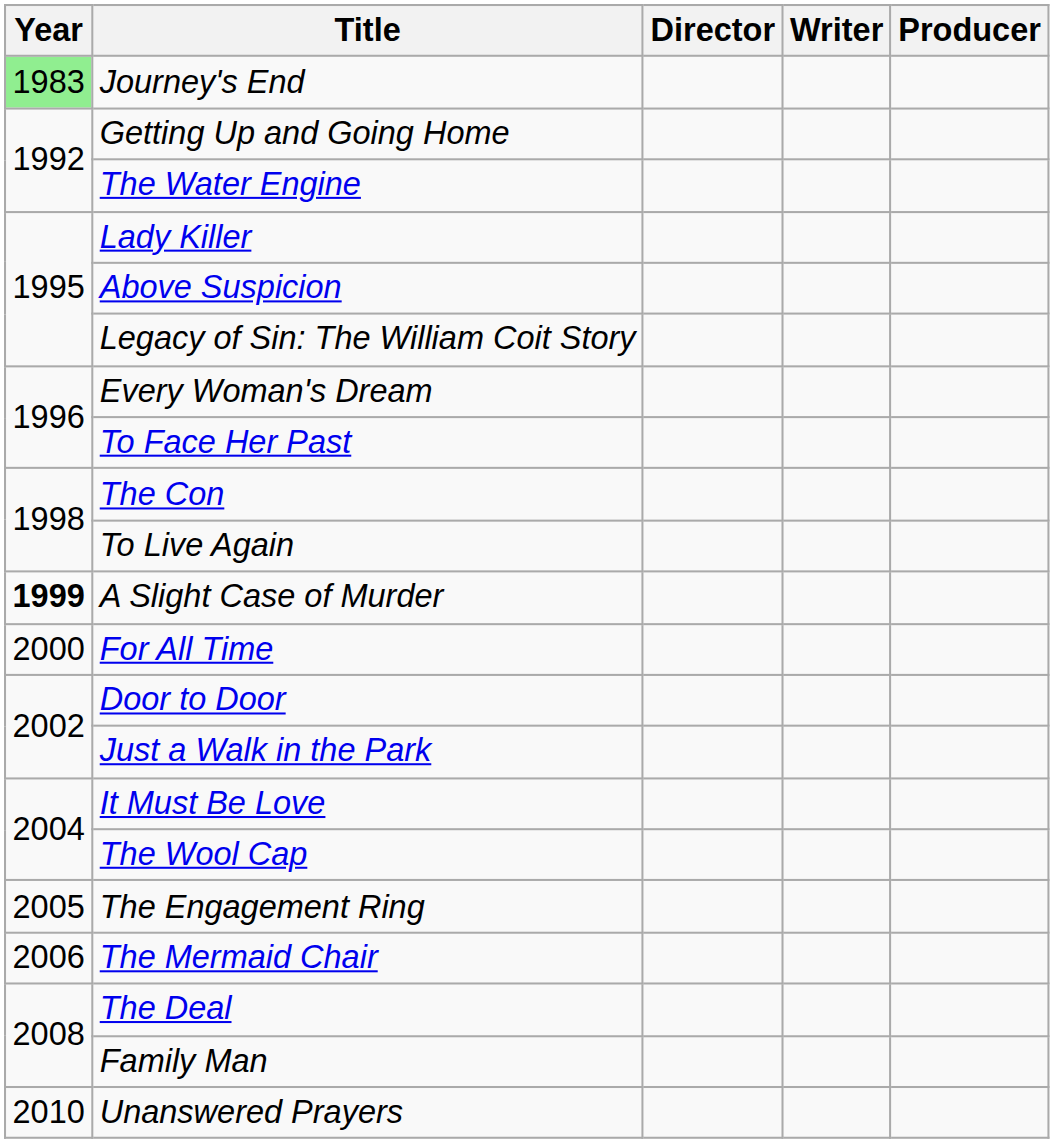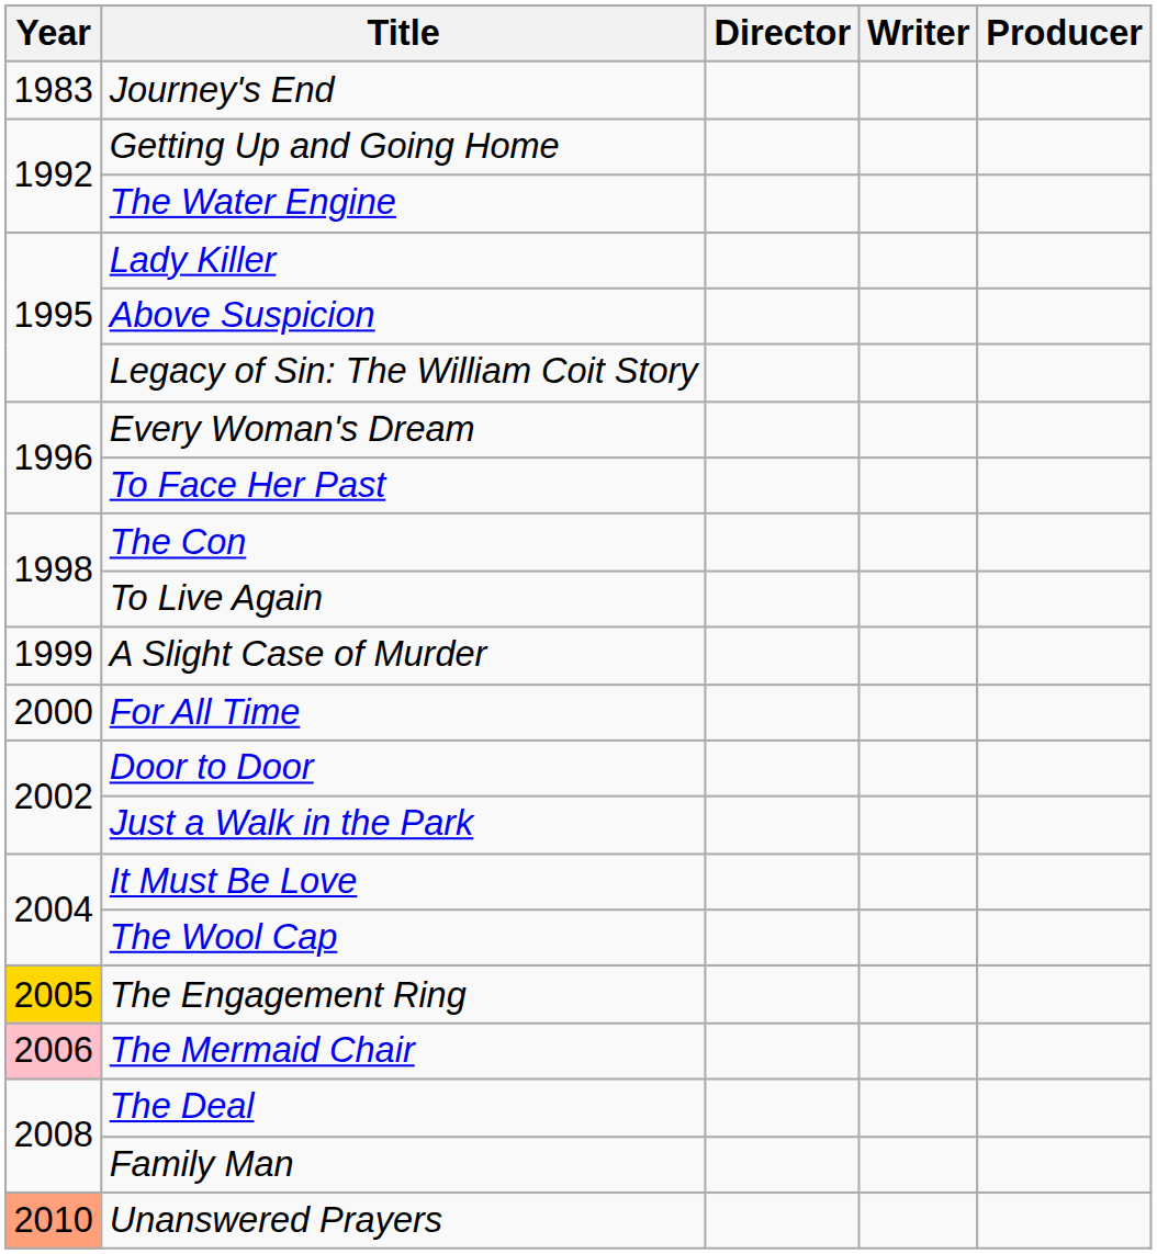 <table class="wikitable sortable">
 <tr>
 <th>Year</th>
 <th>Title</th>
 <th>Director</th>
 <th>Writer</th>
 <th>Producer</th>
 </tr>
 <tr>
-<td style="background: lightgreen;">1983</td>
+<td>1983</td>
 <td><em>Journey's End</em></td>
 <td></td>
 <td></td>
 <td></td>
 </tr>
 <tr>
 <td rowspan="2">1992</td>
 <td><em>Getting Up and Going Home</em></td>
 <td></td>
 <td></td>
 <td></td>
 </tr>
 <tr>
 <td><em><a href='#'>The Water Engine</a></em></td>
 <td></td>
 <td></td>
 <td></td>
 </tr>
 <tr>
 <td rowspan="3">1995</td>
 <td><em><a href='#'>Lady Killer</a></em></td>
 <td></td>
 <td></td>
 <td></td>
 </tr>
 <tr>
 <td><em><a href='#'>Above Suspicion</a></em></td>
 <td></td>
 <td></td>
 <td></td>
 </tr>
 <tr>
 <td><em>Legacy of Sin: The William Coit Story</em></td>
 <td></td>
 <td></td>
 <td></td>
 </tr>
 <tr>
 <td rowspan="2">1996</td>
 <td><em>Every Woman's Dream</em></td>
 <td></td>
 <td></td>
 <td></td>
 </tr>
 <tr>
 <td><em><a href='#'>To Face Her Past</a></em></td>
 <td></td>
 <td></td>
 <td></td>
 </tr>
 <tr>
 <td rowspan="2">1998</td>
 <td><em><a href='#'>The Con</a></em></td>
 <td></td>
 <td></td>
 <td></td>
 </tr>
 <tr>
 <td><em>To Live Again</em></td>
 <td></td>
 <td></td>
 <td></td>
 </tr>
 <tr>
-<td><strong>1999</strong></td>
+<td>1999</td>
 <td><em>A Slight Case of Murder</em></td>
 <td></td>
 <td></td>
 <td></td>
 </tr>
 <tr>
 <td>2000</td>
 <td><em><a href='#'>For All Time</a></em></td>
 <td></td>
 <td></td>
 <td></td>
 </tr>
 <tr>
 <td rowspan="2">2002</td>
 <td><em><a href='#'>Door to Door</a></em></td>
 <td></td>
 <td></td>
 <td></td>
 </tr>
 <tr>
 <td><em><a href='#'>Just a Walk in the Park</a></em></td>
 <td></td>
 <td></td>
 <td></td>
 </tr>
 <tr>
 <td rowspan="2">2004</td>
 <td><em><a href='#'>It Must Be Love</a></em></td>
 <td></td>
 <td></td>
 <td></td>
 </tr>
 <tr>
 <td><em><a href='#'>The Wool Cap</a></em></td>
 <td></td>
 <td></td>
 <td></td>
 </tr>
 <tr>
-<td>2005</td>
+<td style="background: gold;">2005</td>
 <td><em>The Engagement Ring</em></td>
 <td></td>
 <td></td>
 <td></td>
 </tr>
 <tr>
-<td>2006</td>
+<td style="background: pink;">2006</td>
 <td><em><a href='#'>The Mermaid Chair</a></em></td>
 <td></td>
 <td></td>
 <td></td>
 </tr>
 <tr>
 <td rowspan="2">2008</td>
 <td><em><a href='#'>The Deal</a></em></td>
 <td></td>
 <td></td>
 <td></td>
 </tr>
 <tr>
 <td><em>Family Man</em></td>
 <td></td>
 <td></td>
 <td></td>
 </tr>
 <tr>
-<td>2010</td>
+<td style="background: lightsalmon;">2010</td>
 <td><em>Unanswered Prayers</em></td>
 <td></td>
 <td></td>
 <td></td>
 </tr>
 </table>
